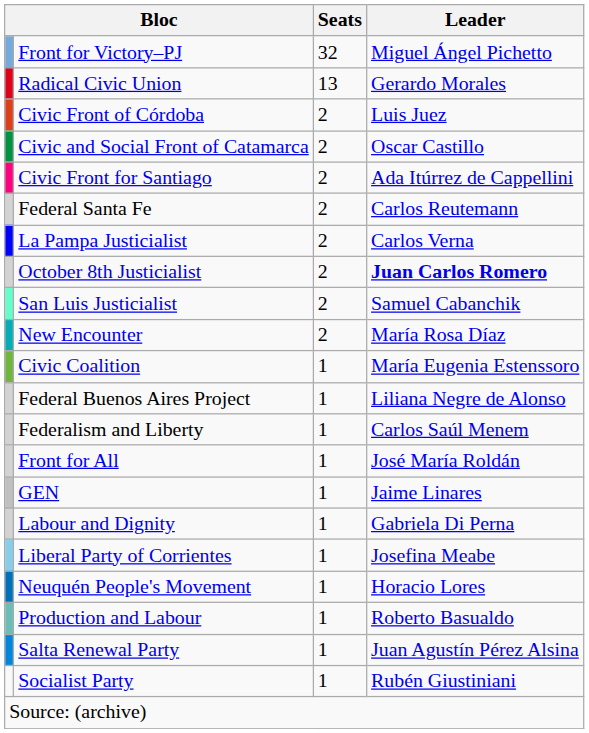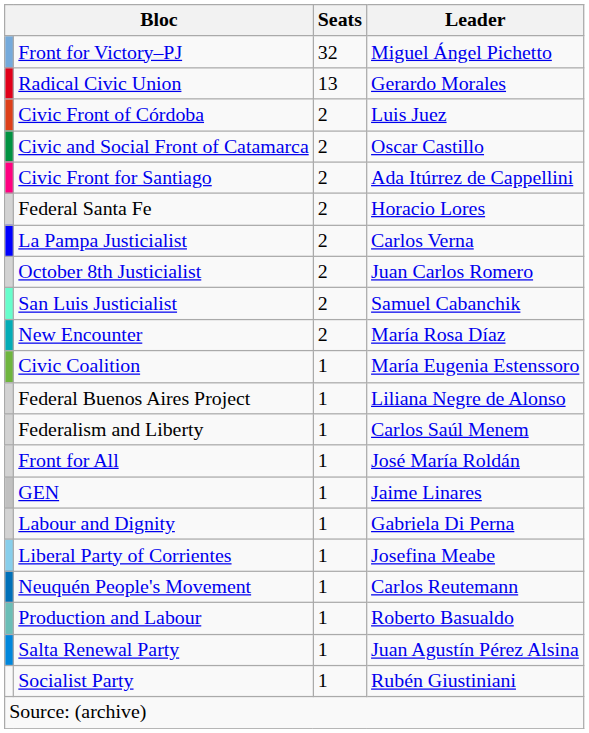 <table class="wikitable">
 <tr>
 <th colspan="2">Bloc</th>
 <th>Seats</th>
 <th>Leader</th>
 </tr>
 <tr>
 <td style="background-color: #75AADB"></td>
 <td><a href='#'>Front for Victory–PJ</a></td>
 <td>32</td>
 <td><a href='#'>Miguel Ángel Pichetto</a></td>
 </tr>
 <tr>
 <td style="background-color: #E10019"></td>
 <td><a href='#'>Radical Civic Union</a></td>
 <td>13</td>
 <td><a href='#'>Gerardo Morales</a></td>
 </tr>
 <tr>
 <td style="background-color: #dd3f18"></td>
 <td><a href='#'>Civic Front of Córdoba</a></td>
 <td>2</td>
 <td><a href='#'>Luis Juez</a></td>
 </tr>
 <tr>
 <td style="background-color: #009241"></td>
 <td><a href='#'>Civic and Social Front of Catamarca</a></td>
 <td>2</td>
 <td><a href='#'>Oscar Castillo</a></td>
 </tr>
 <tr>
 <td style="background-color: #FF0080"></td>
 <td><a href='#'>Civic Front for Santiago</a></td>
 <td>2</td>
 <td><a href='#'>Ada Itúrrez de Cappellini</a></td>
 </tr>
 <tr>
 <td style="background-color: #D3D3D3"></td>
 <td>Federal Santa Fe</td>
 <td>2</td>
-<td><a href='#'>Carlos Reutemann</a></td>
+<td><a href='#'>Horacio Lores</a></td>
 </tr>
 <tr>
 <td style="background-color: blue"></td>
 <td><a href='#'>La Pampa Justicialist</a></td>
 <td>2</td>
 <td><a href='#'>Carlos Verna</a></td>
 </tr>
 <tr>
 <td style="background-color: #D3D3D3"></td>
 <td><a href='#'>October 8th Justicialist</a></td>
 <td>2</td>
-<td><strong><a href='#'>Juan Carlos Romero</a></strong></td>
+<td><a href='#'>Juan Carlos Romero</a></td>
 </tr>
 <tr>
 <td style="background-color: #66FFCC"></td>
 <td><a href='#'>San Luis Justicialist</a></td>
 <td>2</td>
 <td><a href='#'>Samuel Cabanchik</a></td>
 </tr>
 <tr>
 <td style="background-color: #03ACB6"></td>
 <td><a href='#'>New Encounter</a></td>
 <td>2</td>
 <td><a href='#'>María Rosa Díaz</a></td>
 </tr>
 <tr>
 <td style="background-color: #6fb53e"></td>
 <td><a href='#'>Civic Coalition</a></td>
 <td>1</td>
 <td><a href='#'>María Eugenia Estenssoro</a></td>
 </tr>
 <tr>
 <td style="background-color: #D3D3D3"></td>
 <td>Federal Buenos Aires Project</td>
 <td>1</td>
 <td><a href='#'>Liliana Negre de Alonso</a></td>
 </tr>
 <tr>
 <td style="background-color: #D3D3D3"></td>
 <td>Federalism and Liberty</td>
 <td>1</td>
 <td><a href='#'>Carlos Saúl Menem</a></td>
 </tr>
 <tr>
 <td style="background-color: #D3D3D3"></td>
 <td><a href='#'>Front for All</a></td>
 <td>1</td>
 <td><a href='#'>José María Roldán</a></td>
 </tr>
 <tr>
 <td style="background-color: #C0C0C0"></td>
 <td><a href='#'>GEN</a></td>
 <td>1</td>
 <td><a href='#'>Jaime Linares</a></td>
 </tr>
 <tr>
 <td style="background-color: #D3D3D3"></td>
 <td><a href='#'>Labour and Dignity</a></td>
 <td>1</td>
 <td><a href='#'>Gabriela Di Perna</a></td>
 </tr>
 <tr>
 <td style="background-color: skyblue"></td>
 <td><a href='#'>Liberal Party of Corrientes</a></td>
 <td>1</td>
 <td><a href='#'>Josefina Meabe</a></td>
 </tr>
 <tr>
 <td style="background-color: #0070b8"></td>
 <td><a href='#'>Neuquén People's Movement</a></td>
 <td>1</td>
-<td><a href='#'>Horacio Lores</a></td>
+<td><a href='#'>Carlos Reutemann</a></td>
 </tr>
 <tr>
 <td style="background-color: #6bbeb6"></td>
 <td><a href='#'>Production and Labour</a></td>
 <td>1</td>
 <td><a href='#'>Roberto Basualdo</a></td>
 </tr>
 <tr>
 <td style="background-color: #0087DC"></td>
 <td><a href='#'>Salta Renewal Party</a></td>
 <td>1</td>
 <td><a href='#'>Juan Agustín Pérez Alsina</a></td>
 </tr>
 <tr>
 <td style="background-color: "></td>
 <td><a href='#'>Socialist Party</a></td>
 <td>1</td>
 <td><a href='#'>Rubén Giustiniani</a></td>
 </tr>
 <tr>
 <td colspan=4>Source:  (archive)</td>
 </tr>
 </table>
